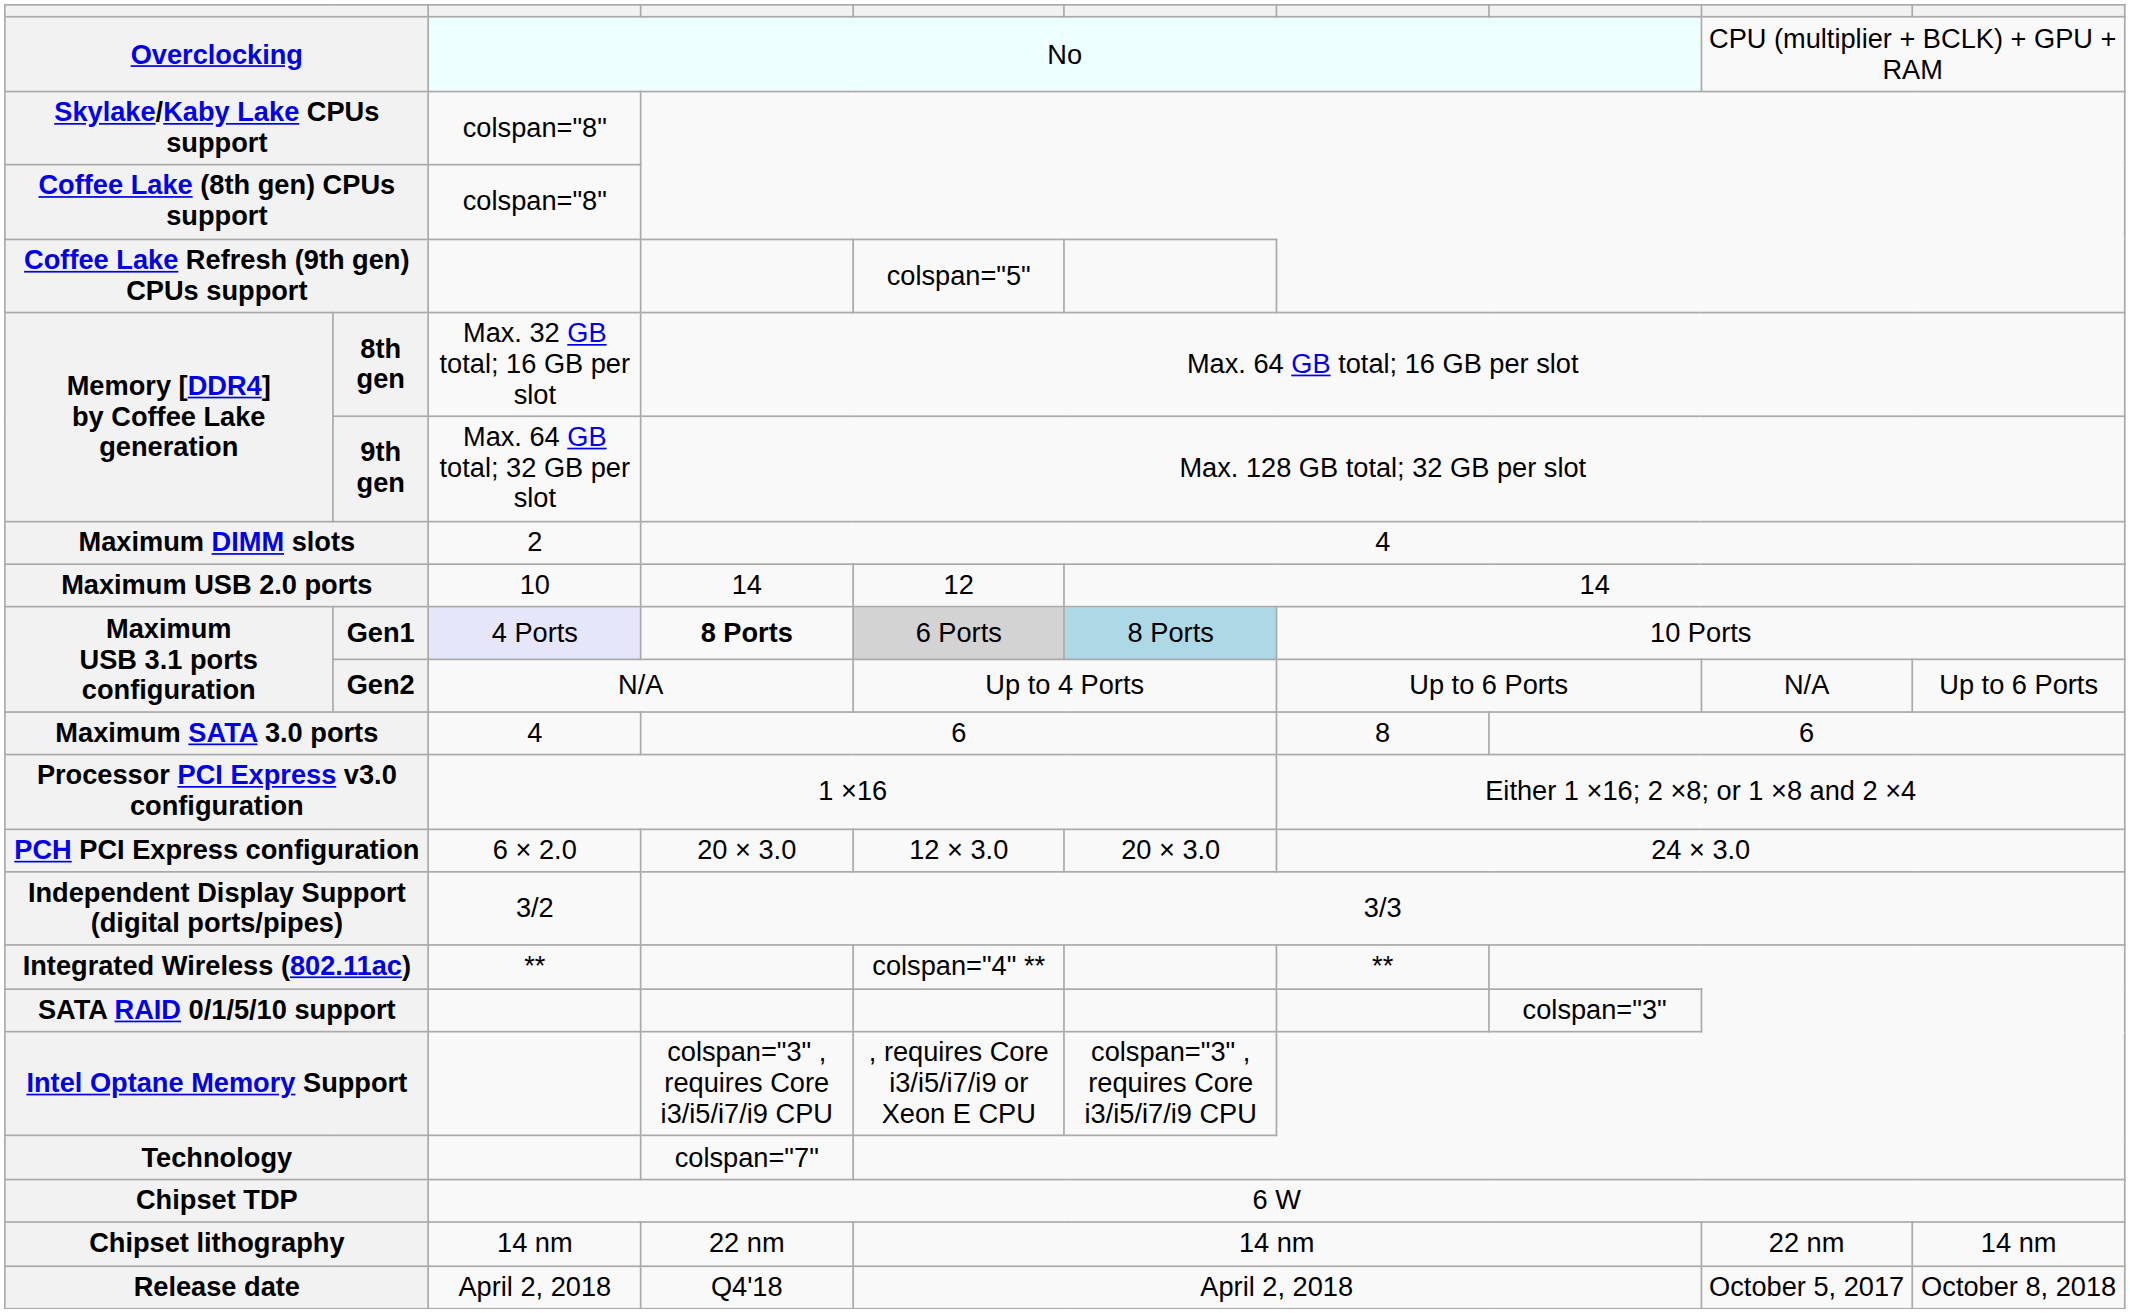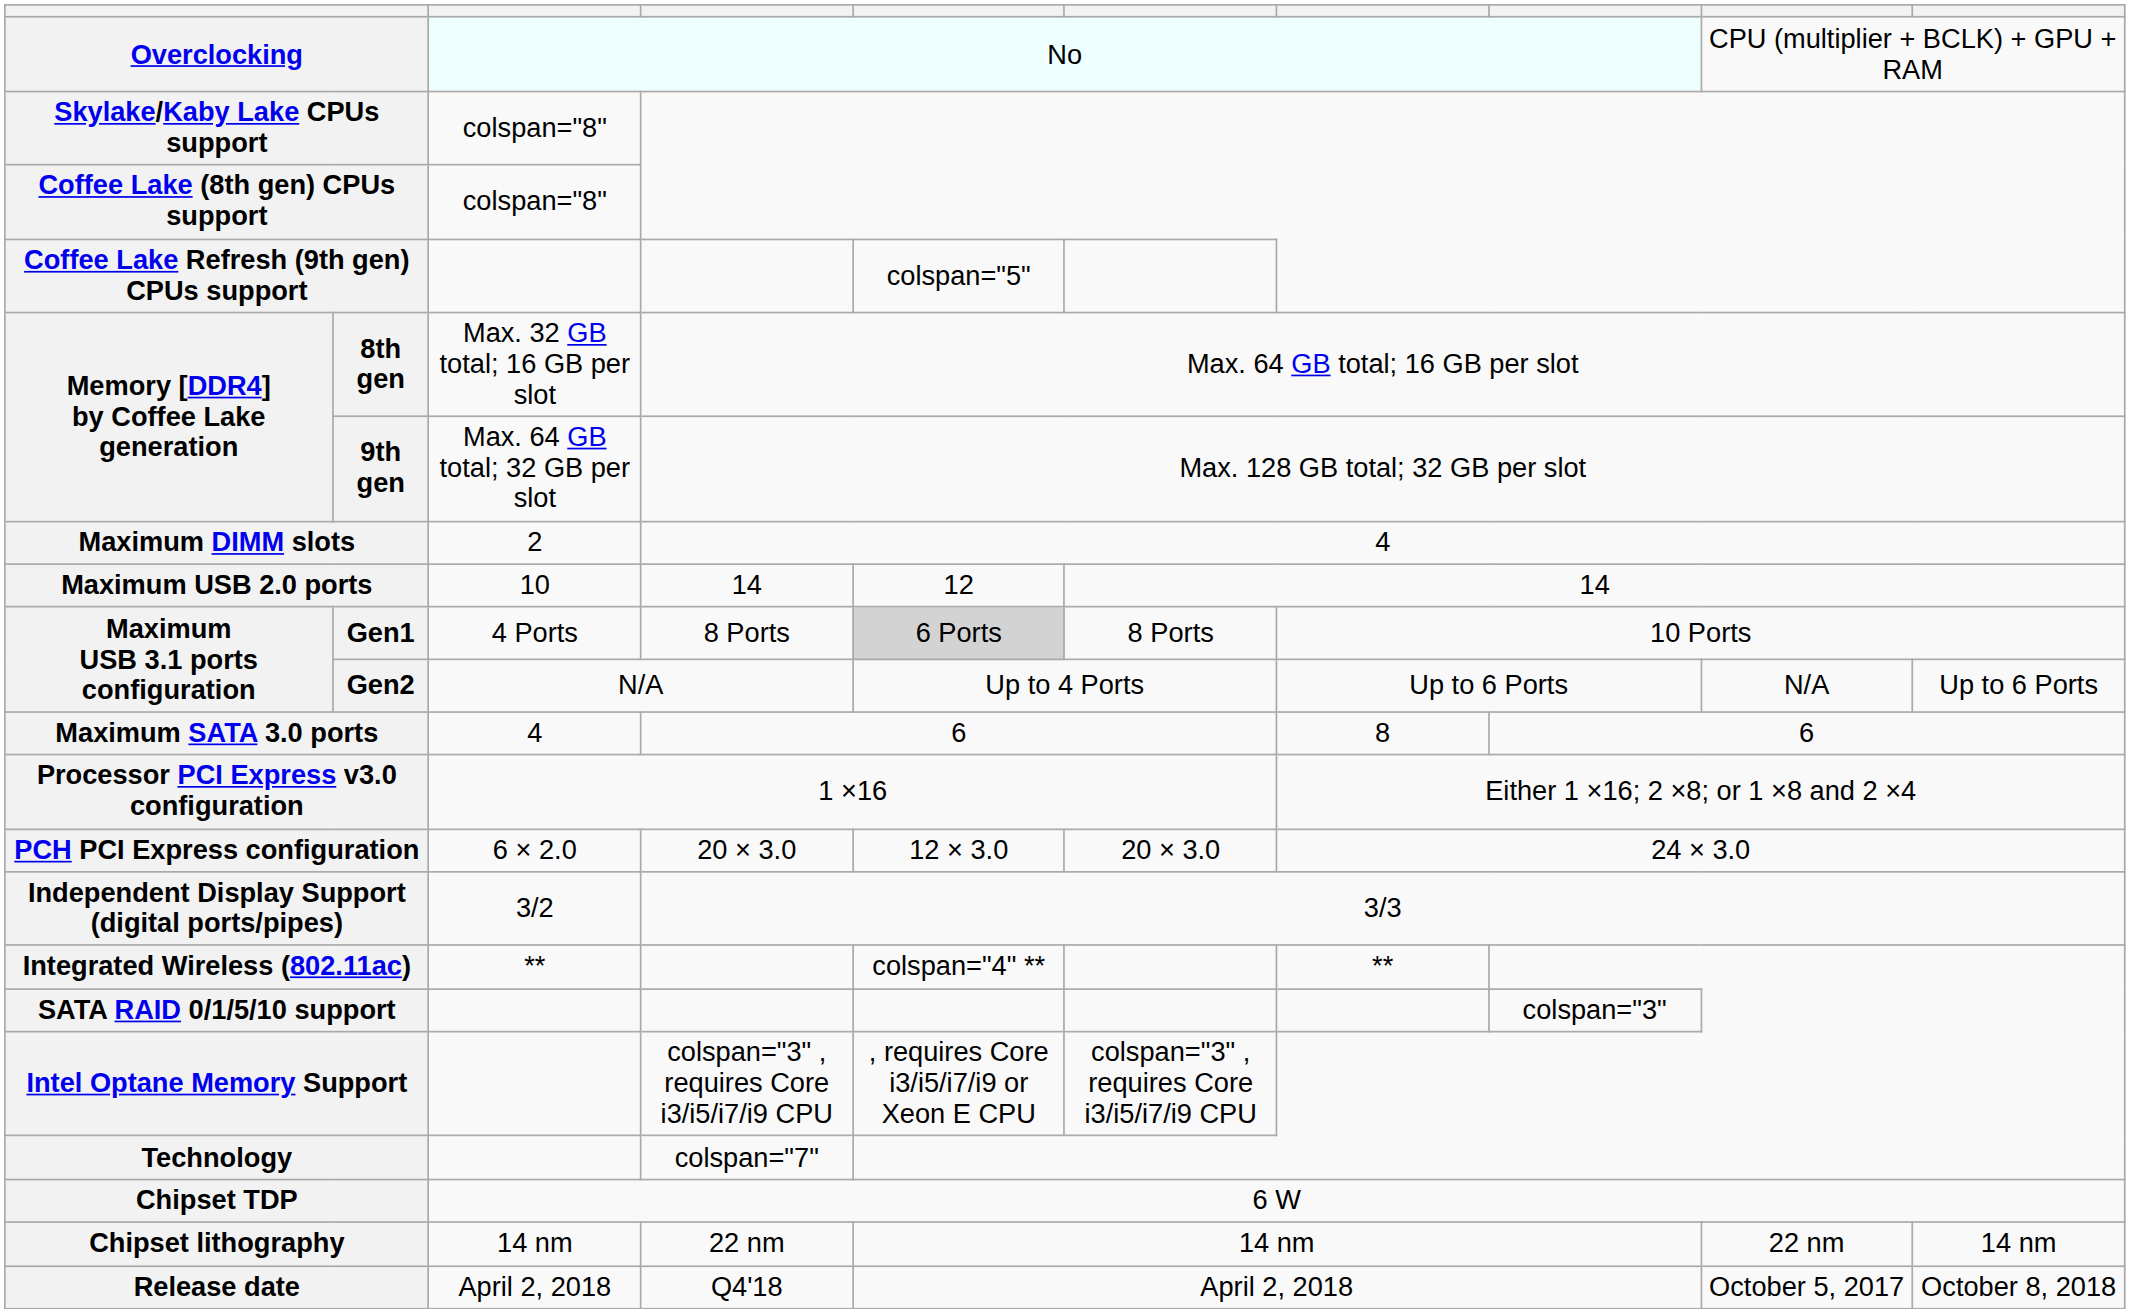 <table class="wikitable sticky-header" style="text-align: center; min-width: 30em; max-width: 100em;">
 <tr>
 <th colspan="2" scope="col" width="20%"></th>
 <th scope="col" width="10%"><span></span></th>
 <th scope="col" width="10%"><span></span></th>
 <th scope="col" width="10%"><span></span></th>
 <th scope="col" width="10%"><span></span></th>
 <th scope="col" width="10%"><span></span></th>
 <th scope="col" width="10%"><span></span></th>
 <th scope="col" width="10%"><span></span></th>
 <th scope="col" width="10%"><span></span></th>
 </tr>
 <tr>
 <th colspan="2"><a href='#'>Overclocking</a></th>
 <td colspan="6" style="background: #EEFFFF;">No</td>
 <td colspan="2">CPU (multiplier + BCLK) + GPU + RAM</td>
 </tr>
 <tr>
 <th colspan="2"><a href='#'>Skylake</a>/<a href='#'>Kaby Lake</a> CPUs support</th>
 <td>colspan="8" </td>
 </tr>
 <tr>
 <th colspan="2"><a href='#'>Coffee Lake</a> (8th gen) CPUs support</th>
 <td>colspan="8" </td>
 </tr>
 <tr>
 <th colspan="2"><a href='#'>Coffee Lake</a> Refresh (9th gen) CPUs support</th>
 <td></td>
 <td></td>
 <td>colspan="5" </td>
 <td></td>
 </tr>
 <tr>
 <th rowspan="2">Memory [<a href='#'>DDR4</a>]<br>by Coffee Lake<br>generation</th>
 <th>8th gen</th>
 <td>Max. 32 <a href='#'>GB</a> total; 16 GB per slot</td>
 <td colspan="7">Max. 64 <a href='#'>GB</a> total; 16 GB per slot</td>
 </tr>
 <tr>
 <th>9th gen</th>
 <td>Max. 64 <a href='#'>GB</a> total; 32 GB per slot</td>
 <td colspan="7">Max. 128 GB total; 32 GB per slot</td>
 </tr>
 <tr>
 <th colspan="2">Maximum <a href='#'>DIMM</a> slots</th>
 <td>2</td>
 <td colspan="7">4</td>
 </tr>
 <tr>
 <th colspan="2">Maximum USB 2.0 ports</th>
 <td>10</td>
 <td>14</td>
 <td>12</td>
 <td colspan="5">14</td>
 </tr>
 <tr>
 <th rowspan="2">Maximum<br>USB 3.1 ports configuration</th>
 <th>Gen1</th>
-<td style="background: lavender;">4 Ports</td>
-<td><strong>8 Ports</strong></td>
+<td>4 Ports</td>
+<td>8 Ports</td>
 <td style="background: lightgrey;">6 Ports</td>
-<td style="background: lightblue;">8 Ports</td>
+<td>8 Ports</td>
 <td colspan="4">10 Ports</td>
 </tr>
 <tr>
 <th>Gen2</th>
 <td colspan="2">N/A</td>
 <td colspan="2">Up to 4 Ports</td>
 <td colspan="2">Up to 6 Ports</td>
 <td>N/A</td>
 <td>Up to 6 Ports</td>
 </tr>
 <tr>
 <th colspan="2">Maximum <a href='#'>SATA</a> 3.0 ports</th>
 <td>4</td>
 <td colspan="3">6</td>
 <td>8</td>
 <td colspan="3">6</td>
 </tr>
 <tr>
 <th colspan="2">Processor <a href='#'>PCI Express</a> v3.0 configuration</th>
 <td colspan="4">1 ×16</td>
 <td colspan="4">Either 1 ×16; 2 ×8; or 1 ×8 and 2 ×4</td>
 </tr>
 <tr>
 <th colspan="2"><a href='#'>PCH</a> PCI Express configuration</th>
 <td>6 × 2.0</td>
 <td>20 × 3.0</td>
 <td>12 × 3.0</td>
 <td>20 × 3.0</td>
 <td colspan="4">24 × 3.0</td>
 </tr>
 <tr>
 <th colspan="2">Independent Display Support (digital ports/pipes)</th>
 <td>3/2</td>
 <td colspan="7">3/3</td>
 </tr>
 <tr>
 <th colspan="2">Integrated Wireless (<a href='#'>802.11ac</a>)</th>
 <td>**</td>
 <td></td>
 <td>colspan="4" **</td>
 <td></td>
 <td>**</td>
 </tr>
 <tr>
 <th colspan="2">SATA <a href='#'>RAID</a> 0/1/5/10 support</th>
 <td></td>
 <td></td>
 <td></td>
 <td></td>
 <td></td>
 <td>colspan="3" </td>
 </tr>
 <tr>
 <th colspan="2"><a href='#'>Intel Optane Memory</a> Support</th>
 <td></td>
 <td>colspan="3" , requires Core i3/i5/i7/i9 CPU</td>
 <td>, requires Core i3/i5/i7/i9 or Xeon E CPU</td>
 <td>colspan="3" , requires Core i3/i5/i7/i9 CPU</td>
 </tr>
 <tr>
 <th colspan="2"> Technology</th>
 <td></td>
 <td>colspan="7" </td>
 </tr>
 <tr>
 <th colspan="2">Chipset TDP</th>
 <td colspan="8">6 W</td>
 </tr>
 <tr>
 <th colspan="2">Chipset lithography</th>
 <td>14 nm</td>
 <td>22 nm</td>
 <td colspan="4">14 nm</td>
 <td>22 nm</td>
 <td>14 nm</td>
 </tr>
 <tr>
 <th colspan="2">Release date</th>
 <td>April 2, 2018</td>
 <td>Q4'18</td>
 <td colspan="4">April 2, 2018</td>
 <td>October 5, 2017</td>
 <td>October 8, 2018</td>
 </tr>
 </table>
